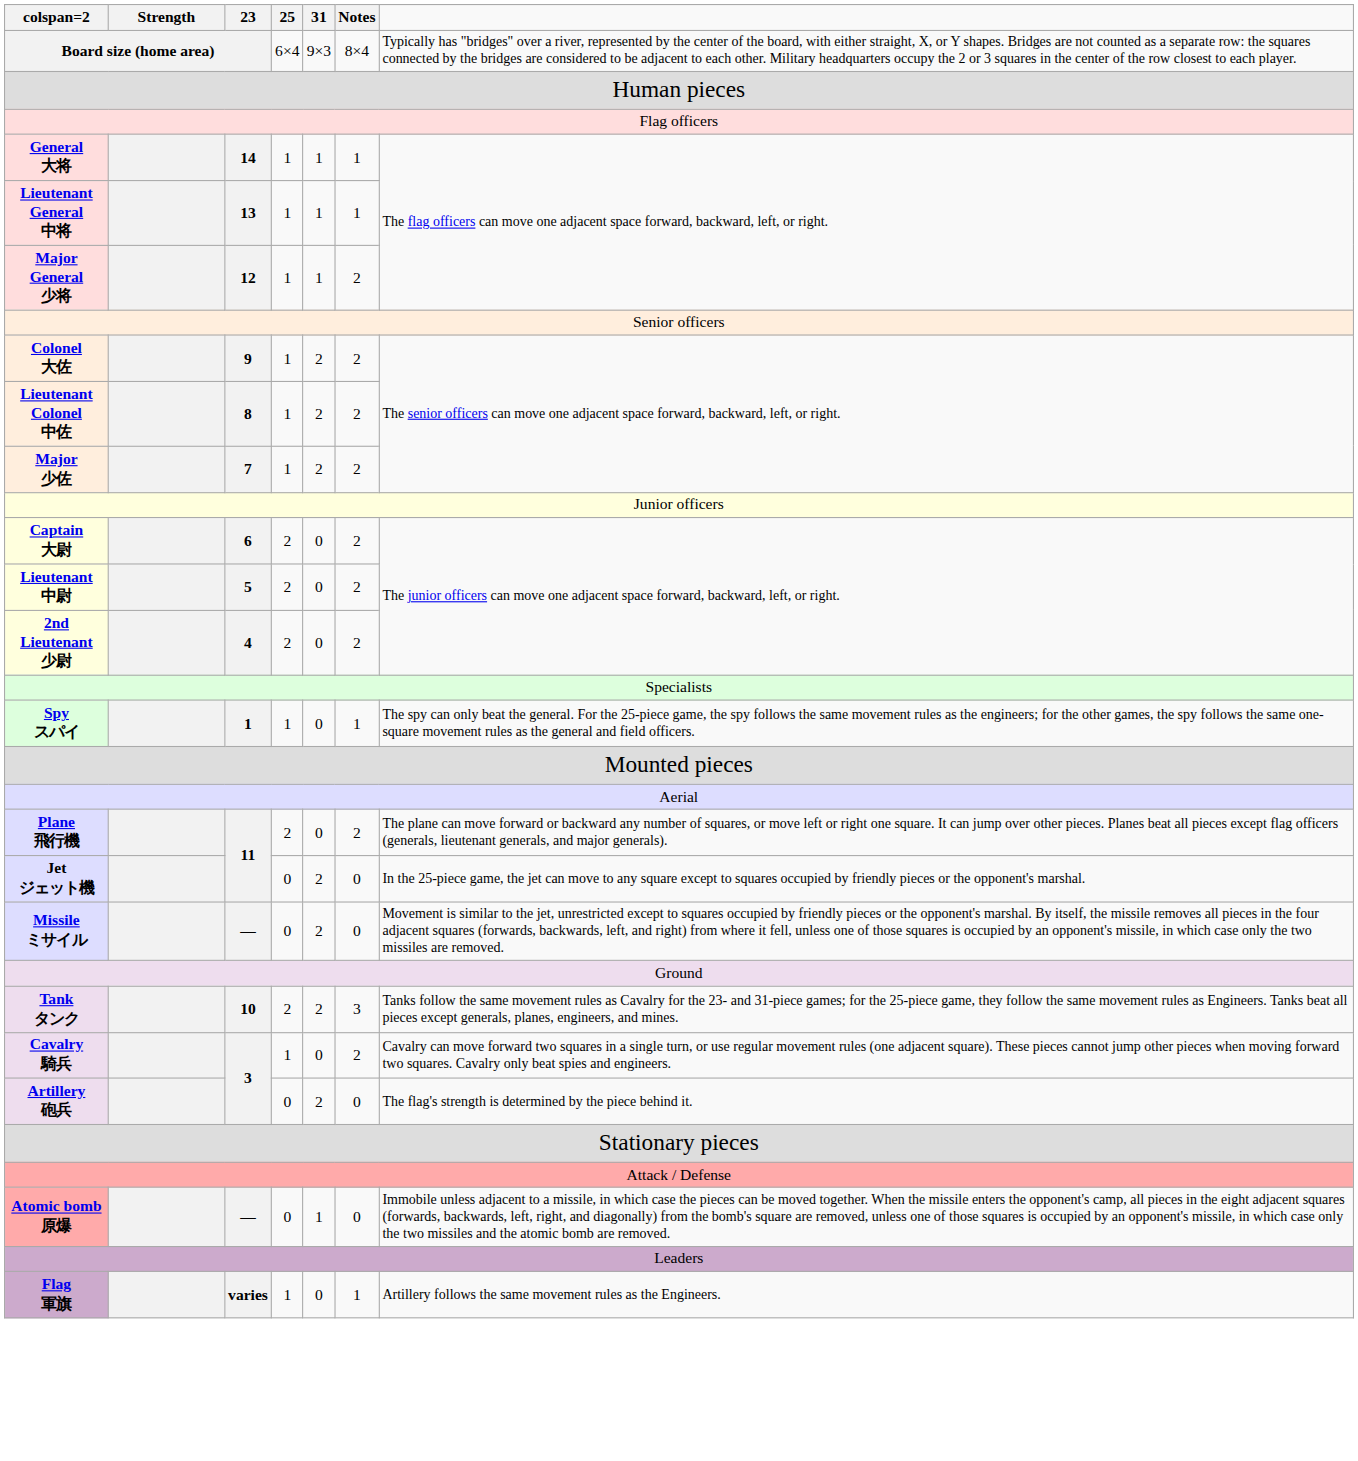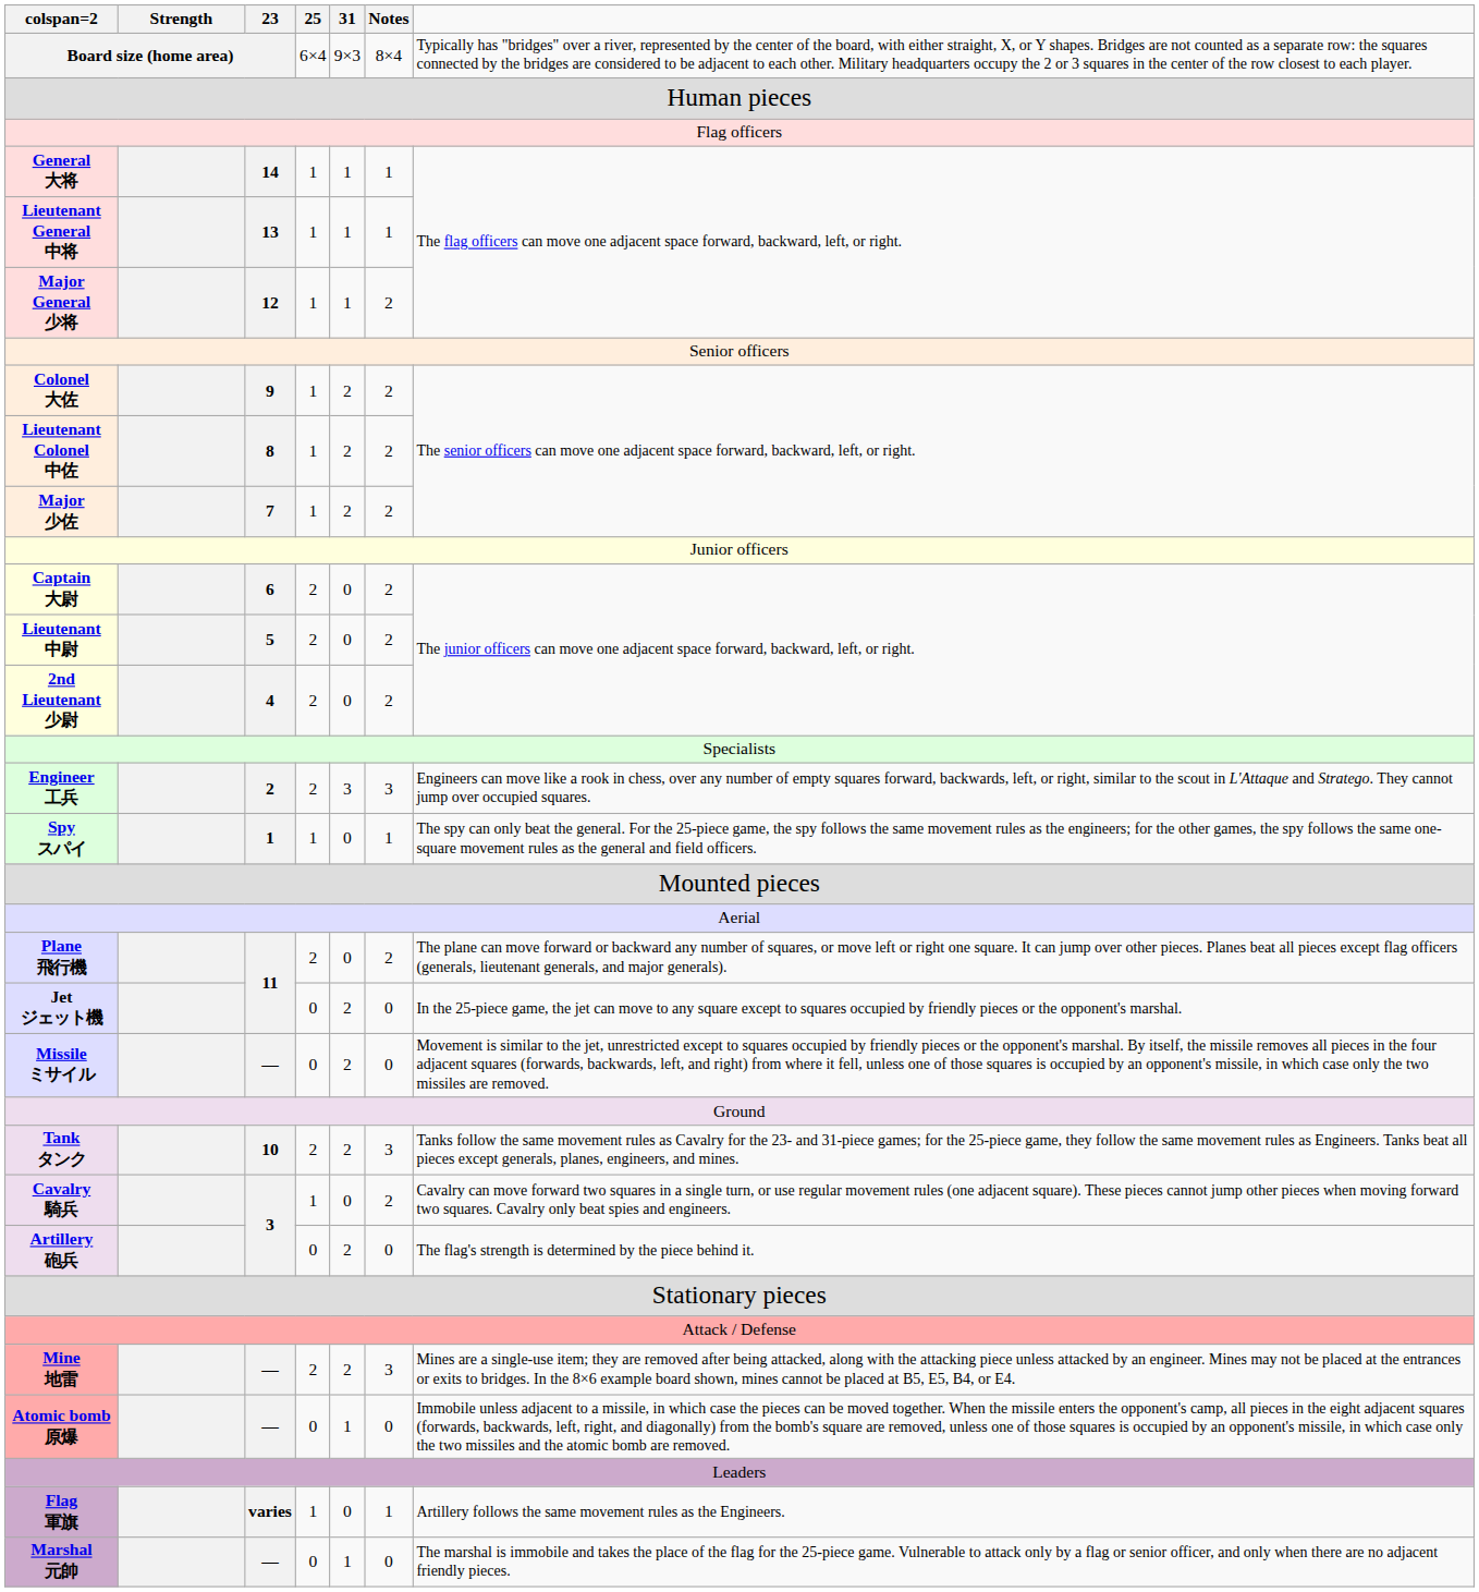 <table class="wikitable" style="font-size:90%;text-align:center;">
 <tr>
 <th>colspan=2 </th>
 <th>Strength</th>
 <th>23</th>
 <th>25</th>
 <th>31</th>
 <th>Notes</th>
 </tr>
 <tr>
 <th colspan=3>Board size (home area)</th>
 <td>6×4</td>
 <td>9×3</td>
 <td>8×4</td>
 <td style="text-align:left;font-size:90%;">Typically has "bridges" over a river, represented by the center of the board, with either straight, X, or Y shapes. Bridges are not counted as a separate row: the squares connected by the bridges are considered to be adjacent to each other. Military headquarters occupy the 2 or 3 squares in the center of the row closest to each player.</td>
 </tr>
 <tr>
 <td colspan=7 style="background:#ddd;font-size:150%;">Human pieces</td>
 </tr>
 <tr>
 <td colspan=7 style="background:#fdd;">Flag officers</td>
 </tr>
 <tr>
 <th style="background:#fdd;"><a href='#'>General</a><br>大将</th>
 <th style="width:7em;"></th>
 <th>14</th>
 <td>1</td>
 <td>1</td>
 <td>1</td>
 <td rowspan=3 style="text-align:left;font-size:90%;">The <a href='#'>flag officers</a> can move one adjacent space forward, backward, left, or right.</td>
 </tr>
 <tr>
 <th style="background:#fdd;"><a href='#'>Lieutenant General</a><br>中将</th>
 <th></th>
 <th>13</th>
 <td>1</td>
 <td>1</td>
 <td>1</td>
 </tr>
 <tr>
 <th style="background:#fdd;"><a href='#'>Major General</a><br>少将</th>
 <th></th>
 <th>12</th>
 <td>1</td>
 <td>1</td>
 <td>2</td>
 </tr>
 <tr>
 <td colspan=7 style="background:#fed;">Senior officers</td>
 </tr>
 <tr>
 <th style="background:#fed;"><a href='#'>Colonel</a><br>大佐</th>
 <th></th>
 <th>9</th>
 <td>1</td>
 <td>2</td>
 <td>2</td>
 <td rowspan=3 style="text-align:left;font-size:90%;">The <a href='#'>senior officers</a> can move one adjacent space forward, backward, left, or right.</td>
 </tr>
 <tr>
 <th style="background:#fed;"><a href='#'>Lieutenant Colonel</a><br>中佐</th>
 <th></th>
 <th>8</th>
 <td>1</td>
 <td>2</td>
 <td>2</td>
 </tr>
 <tr>
 <th style="background:#fed;"><a href='#'>Major</a><br>少佐</th>
 <th></th>
 <th>7</th>
 <td>1</td>
 <td>2</td>
 <td>2</td>
 </tr>
 <tr>
 <td colspan=7 style="background:#ffd;">Junior officers</td>
 </tr>
 <tr>
 <th style="background:#ffd;"><a href='#'>Captain</a><br>大尉</th>
 <th></th>
 <th>6</th>
 <td>2</td>
 <td>0</td>
 <td>2</td>
 <td rowspan=3 style="text-align:left;font-size:90%;">The <a href='#'>junior officers</a> can move one adjacent space forward, backward, left, or right.</td>
 </tr>
 <tr>
 <th style="background:#ffd;"><a href='#'>Lieutenant</a><br>中尉</th>
 <th></th>
 <th>5</th>
 <td>2</td>
 <td>0</td>
 <td>2</td>
 </tr>
 <tr>
 <th style="background:#ffd;"><a href='#'>2nd Lieutenant</a><br>少尉</th>
 <th></th>
 <th>4</th>
 <td>2</td>
 <td>0</td>
 <td>2</td>
 </tr>
 <tr>
 <td colspan=7 style="background:#dfd;">Specialists</td>
 </tr>
 <tr>
+<th style="background:#dfd;"><a href='#'>Engineer</a><br>工兵</th>
+<th></th>
+<th>2</th>
+<td>2</td>
+<td>3</td>
+<td>3</td>
+<td style="text-align:left;font-size:90%;">Engineers can move like a rook in chess, over any number of empty squares forward, backwards, left, or right, similar to the scout in <em>L'Attaque</em> and <em>Stratego</em>. They cannot jump over occupied squares.</td>
+</tr>
+<tr>
 <th style="background:#dfd;"><a href='#'>Spy</a><br>スパイ</th>
 <th></th>
 <th>1</th>
 <td>1</td>
 <td>0</td>
 <td>1</td>
 <td style="text-align:left;font-size:90%;">The spy can only beat the general. For the 25-piece game, the spy follows the same movement rules as the engineers; for the other games, the spy follows the same one-square movement rules as the general and field officers.</td>
 </tr>
 <tr>
 <td colspan=7 style="background:#ddd;font-size:150%;">Mounted pieces</td>
 </tr>
 <tr>
 <td colspan=7 style="background:#ddf;">Aerial</td>
 </tr>
 <tr>
 <th style="background:#ddf;"><a href='#'>Plane</a><br>飛行機</th>
 <th></th>
 <th rowspan=2>11</th>
 <td>2</td>
 <td>0</td>
 <td>2</td>
 <td style="text-align:left;font-size:90%;">The plane can move forward or backward any number of squares, or move left or right one square. It can jump over other pieces. Planes beat all pieces except flag officers (generals, lieutenant generals, and major generals).</td>
 </tr>
 <tr>
 <th style="background:#ddf;">Jet<br>ジェット機</th>
 <th></th>
 <td>0</td>
 <td>2</td>
 <td>0</td>
 <td style="text-align:left;font-size:90%;">In the 25-piece game, the jet can move to any square except to squares occupied by friendly pieces or the opponent's marshal.</td>
 </tr>
 <tr>
 <th style="background:#ddf;"><a href='#'>Missile</a><br>ミサイル</th>
 <th></th>
 <th>—</th>
 <td>0</td>
 <td>2</td>
 <td>0</td>
 <td style="text-align:left;font-size:90%;">Movement is similar to the jet, unrestricted except to squares occupied by friendly pieces or the opponent's marshal. By itself, the missile removes all pieces in the four adjacent squares (forwards, backwards, left, and right) from where it fell, unless one of those squares is occupied by an opponent's missile, in which case only the two missiles are removed.</td>
 </tr>
 <tr>
 <td colspan=7 style="background:#ede;">Ground</td>
 </tr>
 <tr>
 <th style="background:#ede;"><a href='#'>Tank</a><br>タンク</th>
 <th></th>
 <th>10</th>
 <td>2</td>
 <td>2</td>
 <td>3</td>
 <td style="text-align:left;font-size:90%;">Tanks follow the same movement rules as Cavalry for the 23- and 31-piece games; for the 25-piece game, they follow the same movement rules as Engineers. Tanks beat all pieces except generals, planes, engineers, and mines.</td>
 </tr>
 <tr>
 <th style="background:#ede;"><a href='#'>Cavalry</a><br>騎兵</th>
 <th></th>
 <th rowspan=2>3</th>
 <td>1</td>
 <td>0</td>
 <td>2</td>
 <td style="text-align:left;font-size:90%;">Cavalry can move forward two squares in a single turn, or use regular movement rules (one adjacent square). These pieces cannot jump other pieces when moving forward two squares. Cavalry only beat spies and engineers.</td>
 </tr>
 <tr>
 <th style="background:#ede;"><a href='#'>Artillery</a><br>砲兵</th>
 <th></th>
 <td>0</td>
 <td>2</td>
 <td>0</td>
 <td style="text-align:left;font-size:90%;">The flag's strength is determined by the piece behind it.</td>
 </tr>
 <tr>
 <td colspan=7 style="background:#ddd;font-size:150%;">Stationary pieces</td>
 </tr>
 <tr>
 <td colspan=7 style="background:#faa;">Attack / Defense</td>
 </tr>
 <tr>
+<th style="background:#faa;"><a href='#'>Mine</a><br>地雷</th>
+<th></th>
+<th>—</th>
+<td>2</td>
+<td>2</td>
+<td>3</td>
+<td style="text-align:left;font-size:90%;">Mines are a single-use item; they are removed after being attacked, along with the attacking piece unless attacked by an engineer. Mines may not be placed at the entrances or exits to bridges. In the 8×6 example board shown, mines cannot be placed at B5, E5, B4, or E4.</td>
+</tr>
+<tr>
 <th style="background:#faa;"><a href='#'>Atomic bomb</a><br>原爆</th>
 <th></th>
 <th>—</th>
 <td>0</td>
 <td>1</td>
 <td>0</td>
 <td style="text-align:left;font-size:90%;">Immobile unless adjacent to a missile, in which case the pieces can be moved together. When the missile enters the opponent's camp, all pieces in the eight adjacent squares (forwards, backwards, left, right, and diagonally) from the bomb's square are removed, unless one of those squares is occupied by an opponent's missile, in which case only the two missiles and the atomic bomb are removed.</td>
 </tr>
 <tr>
 <td colspan=7 style="background:#cac;">Leaders</td>
 </tr>
 <tr>
 <th style="background:#cac;"><a href='#'>Flag</a><br>軍旗</th>
 <th><br></th>
 <th>varies</th>
 <td>1</td>
 <td>0</td>
 <td>1</td>
 <td style="text-align:left;font-size:90%;">Artillery follows the same movement rules as the Engineers.</td>
 </tr>
+<tr>
+<th style="background:#cac;"><a href='#'>Marshal</a><br>元帥</th>
+<th></th>
+<th>—</th>
+<td>0</td>
+<td>1</td>
+<td>0</td>
+<td style="text-align:left;font-size:90%;">The marshal is immobile and takes the place of the flag for the 25-piece game. Vulnerable to attack only by a flag or senior officer, and only when there are no adjacent friendly pieces.</td>
+</tr>
 </table>
